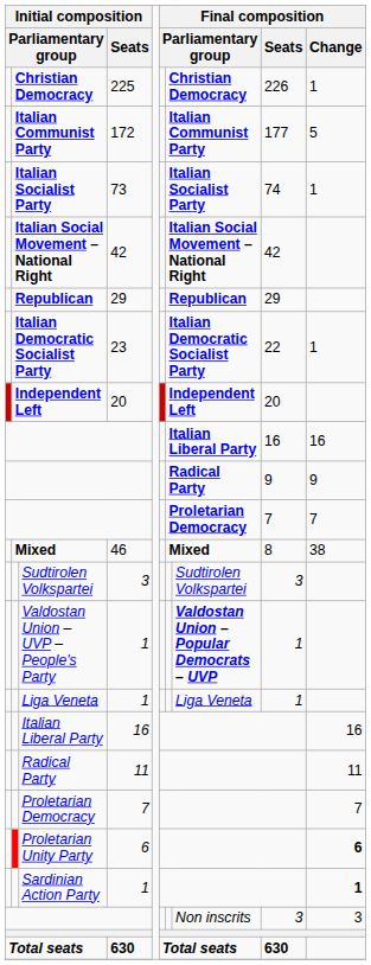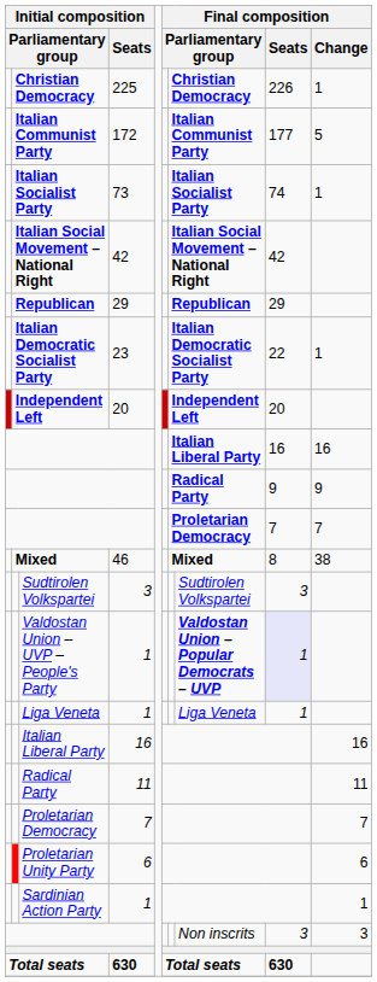 <table class="wikitable" style="width : 60%;">
 <tr>
 <th colspan="4">Initial composition</th>
 <td rowspan="30" style="width : 1%;"></td>
 <th colspan="5">Final composition</th>
 </tr>
 <tr>
 <th colspan="3">Parliamentary group</th>
 <th>Seats</th>
 <th colspan="3">Parliamentary group</th>
 <th>Seats</th>
 <th>Change</th>
 </tr>
 <tr>
 <td></td>
 <td colspan = "2"><strong><a href='#'>Christian Democracy</a></strong></td>
 <td>225</td>
 <td></td>
 <td colspan = "2"><strong><a href='#'>Christian Democracy</a></strong></td>
 <td>226</td>
 <td> 1</td>
 </tr>
 <tr>
 <td></td>
 <td colspan = "2"><strong><a href='#'>Italian Communist Party</a></strong></td>
 <td>172</td>
 <td></td>
 <td colspan = "2"><strong><a href='#'>Italian Communist Party</a></strong></td>
 <td>177</td>
 <td> 5</td>
 </tr>
 <tr>
 <td></td>
 <td colspan = "2"><strong><a href='#'>Italian Socialist Party</a></strong></td>
 <td>73</td>
 <td></td>
 <td colspan = "2"><strong><a href='#'>Italian Socialist Party</a></strong></td>
 <td>74</td>
 <td> 1</td>
 </tr>
 <tr>
 <td></td>
 <td colspan = "2"><strong><a href='#'>Italian Social Movement</a> – National Right</strong></td>
 <td>42</td>
 <td></td>
 <td colspan = "2"><strong><a href='#'>Italian Social Movement</a> – National Right</strong></td>
 <td>42</td>
 <td></td>
 </tr>
 <tr>
 <td></td>
 <td colspan = "2"><strong><a href='#'>Republican</a></strong></td>
 <td>29</td>
 <td></td>
 <td colspan = "2"><strong><a href='#'>Republican</a></strong></td>
 <td>29</td>
 <td></td>
 </tr>
 <tr>
 <td></td>
 <td colspan = "2"><strong><a href='#'>Italian Democratic Socialist Party</a></strong></td>
 <td>23</td>
 <td></td>
 <td colspan = "2"><strong><a href='#'>Italian Democratic Socialist Party</a></strong></td>
 <td>22</td>
 <td> 1</td>
 </tr>
 <tr>
 <td bgcolor="#CC0000" width=1%></td>
 <td colspan = "2"><strong><a href='#'>Independent Left</a></strong></td>
 <td>20</td>
 <td bgcolor="#CC0000" width=1%></td>
 <td colspan = "2"><strong><a href='#'>Independent Left</a></strong></td>
 <td>20</td>
 <td></td>
 </tr>
 <tr>
 <td colspan = "4"></td>
 <td></td>
 <td colspan = "2"><strong><a href='#'>Italian Liberal Party</a></strong></td>
 <td>16</td>
 <td> 16</td>
 </tr>
 <tr>
 <td colspan = "4"></td>
 <td></td>
 <td colspan = "2"><strong><a href='#'>Radical Party</a></strong></td>
 <td>9</td>
 <td> 9</td>
 </tr>
 <tr>
 <td colspan = "4"></td>
 <td></td>
 <td colspan = "2"><strong><a href='#'>Proletarian Democracy</a></strong></td>
 <td>7</td>
 <td> 7</td>
 </tr>
 <tr>
 <td></td>
 <td colspan = "2"><strong>Mixed</strong></td>
 <td>46</td>
 <td></td>
 <td colspan = "2"><strong>Mixed</strong></td>
 <td>8</td>
 <td> 38</td>
 </tr>
 <tr>
 <td></td>
 <td></td>
 <td><em><a href='#'>Sudtirolen Volkspartei</a></em></td>
 <td align="right"><em>3</em></td>
 <td></td>
 <td></td>
 <td><em><a href='#'>Sudtirolen Volkspartei</a></em></td>
 <td align="right"><em>3</em></td>
 <td align="right"></td>
 </tr>
 <tr>
 <td></td>
 <td></td>
 <td><em><a href='#'>Valdostan Union</a> – <a href='#'>UVP</a> – <a href='#'>People's Party</a></em></td>
 <td align="right"><em>1</em></td>
 <td></td>
 <td></td>
 <td><strong><em><a href='#'>Valdostan Union</a> – <a href='#'>Popular Democrats</a> – <a href='#'>UVP</a></em></strong></td>
-<td align="right"><em>1</em></td>
+<td align="right" style="background: lavender;"><em>1</em></td>
 <td align="right"></td>
 </tr>
 <tr>
 <td></td>
 <td></td>
 <td><em><a href='#'>Liga Veneta</a></em></td>
 <td align="right"><em>1</em></td>
 <td></td>
 <td></td>
 <td><em><a href='#'>Liga Veneta</a></em></td>
 <td align="right"><em>1</em></td>
 <td align="right"></td>
 </tr>
 <tr>
 <td></td>
 <td></td>
 <td><em><a href='#'>Italian Liberal Party</a></em></td>
 <td align="right"><em>16</em></td>
 <td colspan="4"></td>
 <td align="right"> 16</td>
 </tr>
 <tr>
 <td></td>
 <td></td>
 <td><em><a href='#'>Radical Party</a></em></td>
 <td align="right"><em>11</em></td>
 <td colspan="4"></td>
 <td align="right"> 11</td>
 </tr>
 <tr>
 <td></td>
 <td></td>
 <td><em><a href='#'>Proletarian Democracy</a></em></td>
 <td align="right"><em>7</em></td>
 <td colspan="4"></td>
 <td align="right"> 7</td>
 </tr>
 <tr>
 <td></td>
 <td bgcolor="red" width=1%></td>
 <td><em><a href='#'>Proletarian Unity Party</a></em></td>
 <td align="right"><em>6</em></td>
 <td colspan="4"></td>
-<td align="right"><strong> 6</strong></td>
+<td align="right"> 6</td>
 </tr>
 <tr>
 <td></td>
 <td></td>
 <td><em><a href='#'>Sardinian Action Party</a></em></td>
 <td align="right"><em>1</em></td>
 <td colspan="4"></td>
-<td align="right"><strong> 1</strong></td>
+<td align="right"> 1</td>
 </tr>
 <tr>
 <td colspan="4"></td>
 <td></td>
 <td></td>
 <td><em>Non inscrits</em></td>
 <td align="right"><em>3</em></td>
 <td align="right"> 3</td>
 </tr>
 <tr>
 <th colspan="4"></th>
 <th colspan="5"></th>
 </tr>
 <tr>
 <td colspan="3"><strong><em>Total seats</em></strong></td>
 <td><strong>630</strong></td>
 <td colspan="3"><strong><em>Total seats</em></strong></td>
 <td><strong>630</strong></td>
 <td></td>
 </tr>
 <tr>
 </tr>
 </table>
